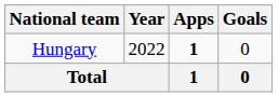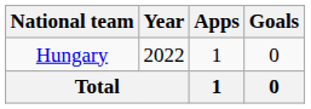 <table class=wikitable style=text-align:center>
 <tr>
 <th>National team</th>
 <th>Year</th>
 <th>Apps</th>
 <th>Goals</th>
 </tr>
 <tr>
 <td><a href='#'>Hungary</a></td>
 <td>2022</td>
-<td><strong>1</strong></td>
+<td>1</td>
 <td>0</td>
 </tr>
 <tr>
 <th colspan="2">Total</th>
 <th>1</th>
 <th>0</th>
 </tr>
 </table>
